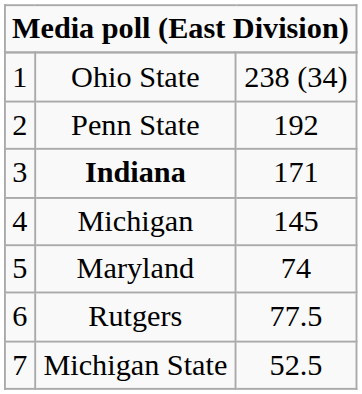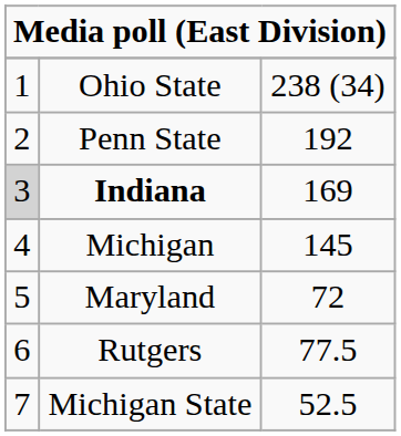 <table class="wikitable" style="display: inline-table;">
 <tr>
 <td align="center" Colspan="3"><strong>Media poll (East Division)</strong></td>
 </tr>
 <tr align="center">
 </tr>
 <tr align="center">
 <td>1</td>
 <td>Ohio State</td>
 <td>238 (34)</td>
 </tr>
 <tr align="center">
 <td>2</td>
 <td>Penn State</td>
 <td>192</td>
 </tr>
 <tr align="center">
-<td>3</td>
+<td style="background: lightgrey;">3</td>
 <td><strong>Indiana</strong></td>
-<td>171</td>
+<td>169</td>
 </tr>
 <tr align="center">
 <td>4</td>
 <td>Michigan</td>
 <td>145</td>
 </tr>
 <tr align="center">
 <td>5</td>
 <td>Maryland</td>
-<td>74</td>
+<td>72</td>
 </tr>
 <tr align="center">
 <td>6</td>
 <td>Rutgers</td>
 <td>77.5</td>
 </tr>
 <tr align="center">
 <td>7</td>
 <td>Michigan State</td>
 <td>52.5</td>
 </tr>
 </table>
